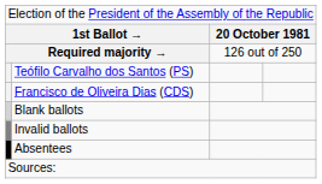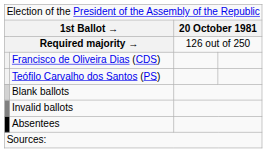 <table class="wikitable" style="text-align:center;">
 <tr>
 <td colspan="4" align="center">Election of the <a href='#'>President of the Assembly of the Republic</a></td>
 </tr>
 <tr>
 <th colspan="2" width="225px">1st Ballot →</th>
 <th colspan="2">20 October 1981</th>
 </tr>
 <tr>
 <th colspan="2">Required majority →</th>
 <td colspan="2">126 out of 250</td>
 </tr>
 <tr>
 <th width="1px" style="background:"></th>
-<td align="left"><a href='#'>Teófilo Carvalho dos Santos</a> (<a href='#'>PS</a>)</td>
+<td align="left"><a href='#'>Francisco de Oliveira Dias</a> (<a href='#'>CDS</a>)</td>
 <td></td>
 <td></td>
 </tr>
 <tr>
 <th width="1px" style="background:"></th>
-<td align="left"><a href='#'>Francisco de Oliveira Dias</a> (<a href='#'>CDS</a>)</td>
+<td align="left"><a href='#'>Teófilo Carvalho dos Santos</a> (<a href='#'>PS</a>)</td>
 <td></td>
 <td></td>
 </tr>
 <tr>
 <th style="background:lightgray;"></th>
 <td align="left">Blank ballots</td>
 <td colspan="2"></td>
 </tr>
 <tr>
 <th style="background:gray;"></th>
 <td align="left">Invalid ballots</td>
 <td colspan="2"></td>
 </tr>
 <tr>
 <th style="background:black;"></th>
 <td align="left">Absentees</td>
 <td colspan="2"></td>
 </tr>
 <tr>
 <td align="left" colspan="4">Sources: </td>
 </tr>
 </table>
